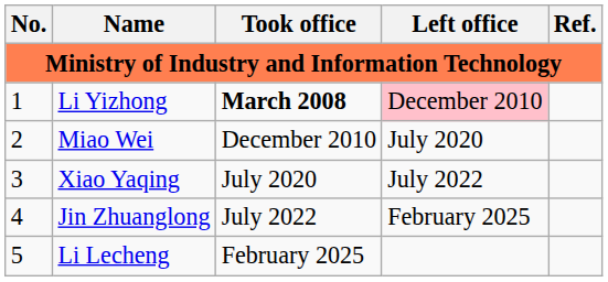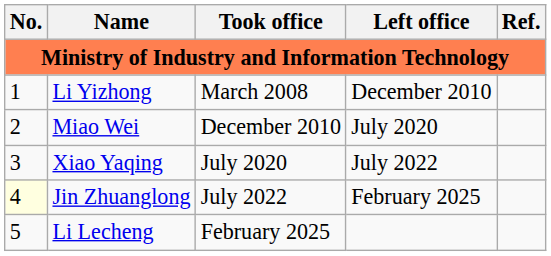 <table class="wikitable">
 <tr>
 <th>No.</th>
 <th>Name</th>
 <th>Took office</th>
 <th>Left office</th>
 <th>Ref.</th>
 </tr>
 <tr>
 <td colspan="5" align="center" bgcolor="coral"><strong>Ministry of Industry and Information Technology</strong></td>
 </tr>
 <tr>
 <td>1</td>
 <td><a href='#'>Li Yizhong</a></td>
-<td><strong>March 2008</strong></td>
-<td style="background: pink;">December 2010</td>
+<td>March 2008</td>
+<td>December 2010</td>
 <td></td>
 </tr>
 <tr>
 <td>2</td>
 <td><a href='#'>Miao Wei</a></td>
 <td>December 2010</td>
 <td>July 2020</td>
 <td></td>
 </tr>
 <tr>
 <td>3</td>
 <td><a href='#'>Xiao Yaqing</a></td>
 <td>July 2020</td>
 <td>July 2022</td>
 <td></td>
 </tr>
 <tr>
-<td>4</td>
+<td style="background: lightyellow;">4</td>
 <td><a href='#'>Jin Zhuanglong</a></td>
 <td>July 2022</td>
 <td>February 2025</td>
 <td></td>
 </tr>
 <tr>
 <td>5</td>
 <td><a href='#'>Li Lecheng</a></td>
 <td>February 2025</td>
 <td></td>
 <td></td>
 </tr>
 </table>
